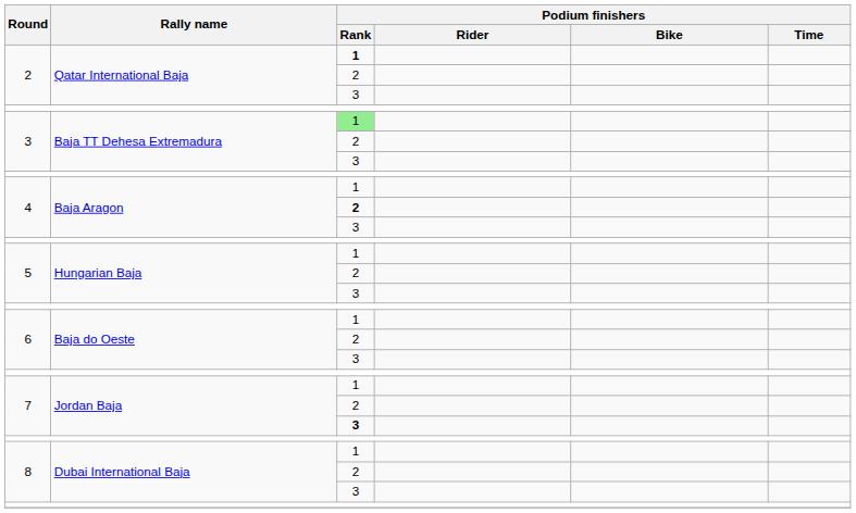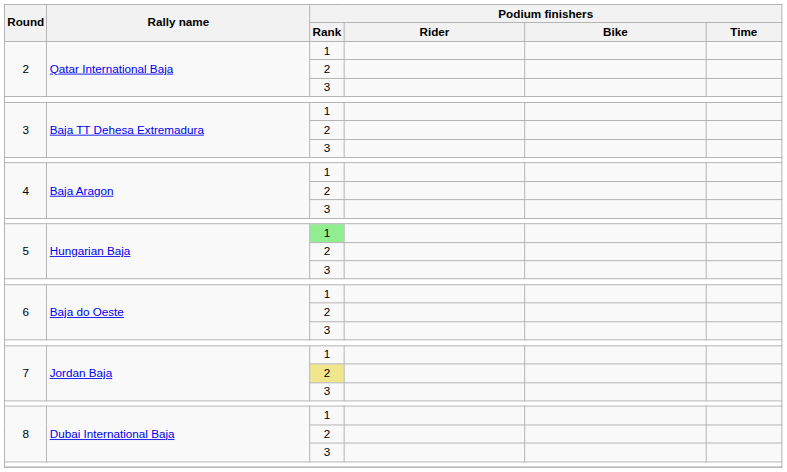 <table class="wikitable" style="font-size:85%;">
 <tr>
 <th rowspan=2>Round</th>
 <th style="width:22em" rowspan=2>Rally name</th>
 <th colspan=4>Podium finishers</th>
 </tr>
 <tr>
 <th>Rank</th>
 <th style="width:15em">Rider</th>
 <th style="width:15em">Bike</th>
 <th style="width:6em">Time</th>
 </tr>
 <tr>
 <td rowspan=3 align=center>2</td>
 <td rowspan=3> <a href='#'>Qatar International Baja</a></td>
-<td align=center><strong>1</strong></td>
+<td align=center>1</td>
 <td></td>
 <td></td>
 <td align=center></td>
 </tr>
 <tr>
 <td align=center>2</td>
 <td></td>
 <td></td>
 <td align=center></td>
 </tr>
 <tr>
 <td align=center>3</td>
 <td></td>
 <td></td>
 <td align=center></td>
 </tr>
 <tr style="background:white;">
 <td colspan="6"></td>
 </tr>
 <tr>
 <td rowspan=3 align=center>3</td>
 <td rowspan=3> <a href='#'>Baja TT Dehesa Extremadura</a></td>
-<td align=center style="background: lightgreen;">1</td>
+<td align=center>1</td>
 <td></td>
 <td></td>
 <td align=center></td>
 </tr>
 <tr>
 <td align=center>2</td>
 <td></td>
 <td></td>
 <td align=center></td>
 </tr>
 <tr>
 <td align=center>3</td>
 <td></td>
 <td></td>
 <td align=center></td>
 </tr>
 <tr style="background:white;">
 <td colspan="6"></td>
 </tr>
 <tr>
 <td rowspan=3 align=center>4</td>
 <td rowspan=3> <a href='#'>Baja Aragon</a></td>
 <td align=center>1</td>
 <td></td>
 <td></td>
 <td align=center></td>
 </tr>
 <tr>
-<td align=center><strong>2</strong></td>
+<td align=center>2</td>
 <td></td>
 <td></td>
 <td align=center></td>
 </tr>
 <tr>
 <td align=center>3</td>
 <td></td>
 <td></td>
 <td align=center></td>
 </tr>
 <tr style="background:white;">
 <td colspan="6"></td>
 </tr>
 <tr>
 <td rowspan=3 align=center>5</td>
 <td rowspan=3> <a href='#'>Hungarian Baja</a></td>
-<td align=center>1</td>
+<td align=center style="background: lightgreen;">1</td>
 <td></td>
 <td></td>
 <td align=center></td>
 </tr>
 <tr>
 <td align=center>2</td>
 <td></td>
 <td></td>
 <td align=center></td>
 </tr>
 <tr>
 <td align=center>3</td>
 <td></td>
 <td></td>
 <td align=center></td>
 </tr>
 <tr style="background:white;">
 <td colspan="6"></td>
 </tr>
 <tr>
 <td rowspan=3 align=center>6</td>
 <td rowspan=3> <a href='#'>Baja do Oeste</a></td>
 <td align=center>1</td>
 <td></td>
 <td></td>
 <td align=center></td>
 </tr>
 <tr>
 <td align=center>2</td>
 <td></td>
 <td></td>
 <td align=center></td>
 </tr>
 <tr>
 <td align=center>3</td>
 <td></td>
 <td></td>
 <td align=center></td>
 </tr>
 <tr style="background:white;">
 <td colspan="6"></td>
 </tr>
 <tr>
 <td rowspan=3 align=center>7</td>
 <td rowspan=3> <a href='#'>Jordan Baja</a></td>
 <td align=center>1</td>
 <td></td>
 <td></td>
 <td align=center></td>
 </tr>
 <tr>
-<td align=center>2</td>
+<td align=center style="background: khaki;">2</td>
 <td></td>
 <td></td>
 <td align=center></td>
 </tr>
 <tr>
-<td align=center><strong>3</strong></td>
+<td align=center>3</td>
 <td></td>
 <td></td>
 <td align=center></td>
 </tr>
 <tr style="background:white;">
 <td colspan="6"></td>
 </tr>
 <tr>
 <td rowspan=3 align=center>8</td>
 <td rowspan=3> <a href='#'>Dubai International Baja</a></td>
 <td align=center>1</td>
 <td></td>
 <td></td>
 <td align=center></td>
 </tr>
 <tr>
 <td align=center>2</td>
 <td></td>
 <td></td>
 <td align=center></td>
 </tr>
 <tr>
 <td align=center>3</td>
 <td></td>
 <td></td>
 <td align=center></td>
 </tr>
 <tr style="background:white;">
 <td colspan="6"></td>
 </tr>
 <tr>
 </tr>
 </table>
